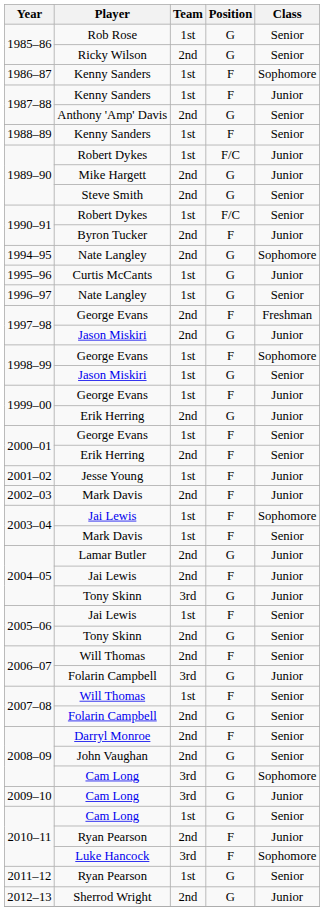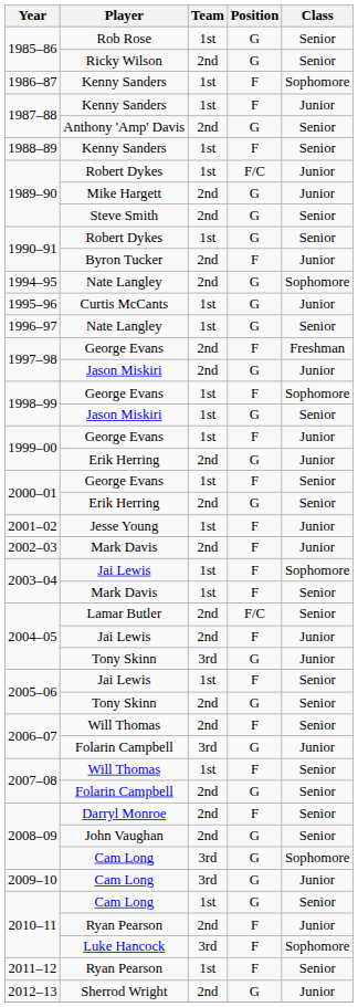 <table class="wikitable">
 <tr>
 <th>Year</th>
 <th>Player</th>
 <th>Team</th>
 <th>Position</th>
 <th>Class</th>
 </tr>
 <tr align="center">
 <td rowspan=2>1985–86</td>
 <td>Rob Rose</td>
 <td>1st</td>
 <td>G</td>
 <td>Senior</td>
 </tr>
 <tr align="center">
 <td>Ricky Wilson</td>
 <td>2nd</td>
 <td>G</td>
 <td>Senior</td>
 </tr>
 <tr align="center">
 <td>1986–87</td>
 <td>Kenny Sanders</td>
 <td>1st</td>
 <td>F</td>
 <td>Sophomore</td>
 </tr>
 <tr align="center">
 <td rowspan=2>1987–88</td>
 <td>Kenny Sanders</td>
 <td>1st</td>
 <td>F</td>
 <td>Junior</td>
 </tr>
 <tr align="center">
 <td>Anthony 'Amp' Davis</td>
 <td>2nd</td>
 <td>G</td>
 <td>Senior</td>
 </tr>
 <tr align="center">
 <td>1988–89</td>
 <td>Kenny Sanders</td>
 <td>1st</td>
 <td>F</td>
 <td>Senior</td>
 </tr>
 <tr align="center">
 <td rowspan=3>1989–90</td>
 <td>Robert Dykes</td>
 <td>1st</td>
 <td>F/C</td>
 <td>Junior</td>
 </tr>
 <tr align="center">
 <td>Mike Hargett</td>
 <td>2nd</td>
 <td>G</td>
 <td>Junior</td>
 </tr>
 <tr align="center">
 <td>Steve Smith</td>
 <td>2nd</td>
 <td>G</td>
 <td>Senior</td>
 </tr>
 <tr align="center">
 <td rowspan=2>1990–91</td>
 <td>Robert Dykes</td>
 <td>1st</td>
-<td>F/C</td>
+<td>G</td>
 <td>Senior</td>
 </tr>
 <tr align="center">
 <td>Byron Tucker</td>
 <td>2nd</td>
 <td>F</td>
 <td>Junior</td>
 </tr>
 <tr align="center">
 <td>1994–95</td>
 <td>Nate Langley</td>
 <td>2nd</td>
 <td>G</td>
 <td>Sophomore</td>
 </tr>
 <tr align="center">
 <td>1995–96</td>
 <td>Curtis McCants</td>
 <td>1st</td>
 <td>G</td>
 <td>Junior</td>
 </tr>
 <tr align="center">
 <td>1996–97</td>
 <td>Nate Langley</td>
 <td>1st</td>
 <td>G</td>
 <td>Senior</td>
 </tr>
 <tr align="center">
 <td rowspan=2>1997–98</td>
 <td>George Evans</td>
 <td>2nd</td>
 <td>F</td>
 <td>Freshman</td>
 </tr>
 <tr align="center">
 <td><a href='#'>Jason Miskiri</a></td>
 <td>2nd</td>
 <td>G</td>
 <td>Junior</td>
 </tr>
 <tr align="center">
 <td rowspan=2>1998–99</td>
 <td>George Evans</td>
 <td>1st</td>
 <td>F</td>
 <td>Sophomore</td>
 </tr>
 <tr align="center">
 <td><a href='#'>Jason Miskiri</a></td>
 <td>1st</td>
 <td>G</td>
 <td>Senior</td>
 </tr>
 <tr align="center">
 <td rowspan=2>1999–00</td>
 <td>George Evans</td>
 <td>1st</td>
 <td>F</td>
 <td>Junior</td>
 </tr>
 <tr align="center">
 <td>Erik Herring</td>
 <td>2nd</td>
 <td>G</td>
 <td>Junior</td>
 </tr>
 <tr align="center">
 <td rowspan=2>2000–01</td>
 <td>George Evans</td>
 <td>1st</td>
 <td>F</td>
 <td>Senior</td>
 </tr>
 <tr align="center">
 <td>Erik Herring</td>
 <td>2nd</td>
-<td>F</td>
+<td>G</td>
 <td>Senior</td>
 </tr>
 <tr align="center">
 <td>2001–02</td>
 <td>Jesse Young</td>
 <td>1st</td>
 <td>F</td>
 <td>Junior</td>
 </tr>
 <tr align="center">
 <td>2002–03</td>
 <td>Mark Davis</td>
 <td>2nd</td>
 <td>F</td>
 <td>Junior</td>
 </tr>
 <tr align="center">
 <td rowspan=2>2003–04</td>
 <td><a href='#'>Jai Lewis</a></td>
 <td>1st</td>
 <td>F</td>
 <td>Sophomore</td>
 </tr>
 <tr align="center">
 <td>Mark Davis</td>
 <td>1st</td>
 <td>F</td>
 <td>Senior</td>
 </tr>
 <tr align="center">
 <td rowspan=3>2004–05</td>
 <td>Lamar Butler</td>
 <td>2nd</td>
-<td>G</td>
-<td>Junior</td>
+<td>F/C</td>
+<td>Senior</td>
 </tr>
 <tr align="center">
 <td>Jai Lewis</td>
 <td>2nd</td>
 <td>F</td>
 <td>Junior</td>
 </tr>
 <tr align="center">
 <td>Tony Skinn</td>
 <td>3rd</td>
 <td>G</td>
 <td>Junior</td>
 </tr>
 <tr align="center">
 <td rowspan=2>2005–06</td>
 <td>Jai Lewis</td>
 <td>1st</td>
 <td>F</td>
 <td>Senior</td>
 </tr>
 <tr align="center">
 <td>Tony Skinn</td>
 <td>2nd</td>
 <td>G</td>
 <td>Senior</td>
 </tr>
 <tr align="center">
 <td rowspan=2>2006–07</td>
 <td>Will Thomas</td>
 <td>2nd</td>
 <td>F</td>
 <td>Senior</td>
 </tr>
 <tr align="center">
 <td>Folarin Campbell</td>
 <td>3rd</td>
 <td>G</td>
 <td>Junior</td>
 </tr>
 <tr align="center">
 <td rowspan=2>2007–08</td>
 <td><a href='#'>Will Thomas</a></td>
 <td>1st</td>
 <td>F</td>
 <td>Senior</td>
 </tr>
 <tr align="center">
 <td><a href='#'>Folarin Campbell</a></td>
 <td>2nd</td>
 <td>G</td>
 <td>Senior</td>
 </tr>
 <tr align="center">
 <td rowspan=3>2008–09</td>
 <td><a href='#'>Darryl Monroe</a></td>
 <td>2nd</td>
 <td>F</td>
 <td>Senior</td>
 </tr>
 <tr align="center">
 <td>John Vaughan</td>
 <td>2nd</td>
 <td>G</td>
 <td>Senior</td>
 </tr>
 <tr align="center">
 <td><a href='#'>Cam Long</a></td>
 <td>3rd</td>
 <td>G</td>
 <td>Sophomore</td>
 </tr>
 <tr align="center">
 <td>2009–10</td>
 <td><a href='#'>Cam Long</a></td>
 <td>3rd</td>
 <td>G</td>
 <td>Junior</td>
 </tr>
 <tr align="center">
 <td rowspan=3>2010–11</td>
 <td><a href='#'>Cam Long</a></td>
 <td>1st</td>
 <td>G</td>
 <td>Senior</td>
 </tr>
 <tr align="center">
 <td>Ryan Pearson</td>
 <td>2nd</td>
 <td>F</td>
 <td>Junior</td>
 </tr>
 <tr align="center">
 <td><a href='#'>Luke Hancock</a></td>
 <td>3rd</td>
 <td>F</td>
 <td>Sophomore</td>
 </tr>
 <tr align="center">
 <td>2011–12</td>
 <td>Ryan Pearson</td>
 <td>1st</td>
-<td>G</td>
+<td>F</td>
 <td>Senior</td>
 </tr>
 <tr align="center">
 <td>2012–13</td>
 <td>Sherrod Wright</td>
 <td>2nd</td>
 <td>G</td>
 <td>Junior</td>
 </tr>
 <tr align="center">
 </tr>
 </table>
